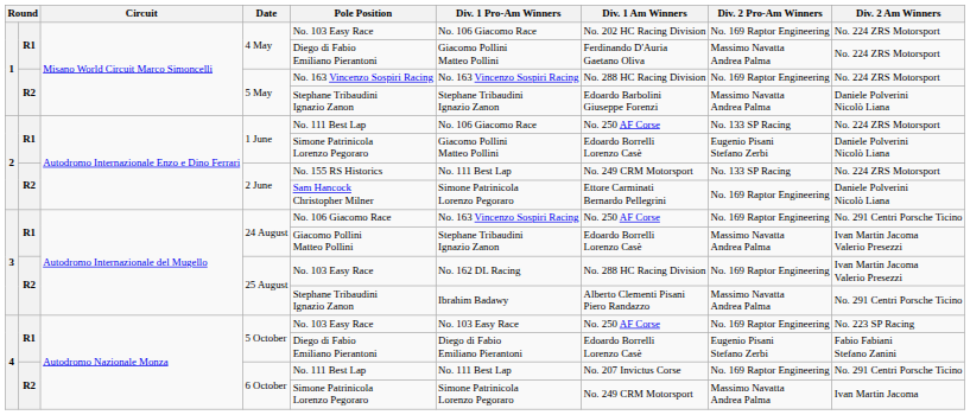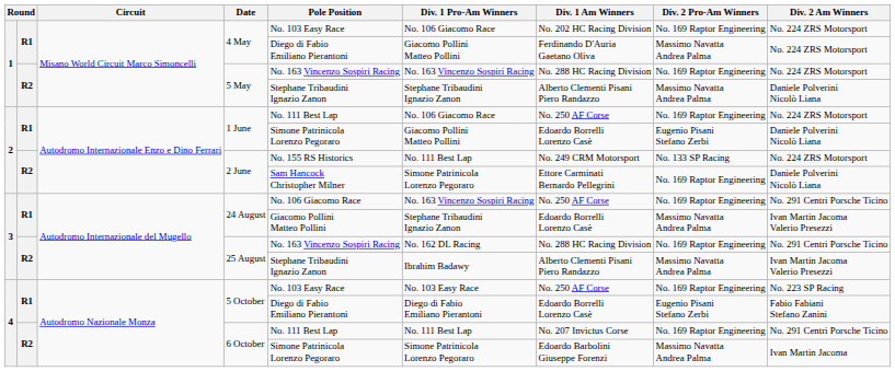 <table class="wikitable" style="font-size:80%;">
 <tr>
 <th colspan="2">Round</th>
 <th>Circuit</th>
 <th>Date</th>
 <th>Pole Position</th>
 <th>Div. 1 Pro-Am Winners</th>
 <th>Div. 1 Am Winners</th>
 <th>Div. 2 Pro-Am Winners</th>
 <th>Div. 2 Am Winners</th>
 </tr>
 <tr>
 <th rowspan="4">1</th>
 <th rowspan="2">R1</th>
 <td rowspan="4"> <a href='#'>Misano World Circuit Marco Simoncelli</a></td>
 <td rowspan="2">4 May</td>
 <td> No. 103 Easy Race</td>
 <td> No. 106 Giacomo Race</td>
 <td> No. 202 HC Racing Division</td>
 <td> No. 169 Raptor Engineering</td>
 <td> No. 224 ZRS Motorsport</td>
 </tr>
 <tr>
 <td> Diego di Fabio<br> Emiliano Pierantoni</td>
 <td> Giacomo Pollini<br> Matteo Pollini</td>
 <td> Ferdinando D'Auria<br> Gaetano Oliva</td>
 <td> Massimo Navatta<br> Andrea Palma</td>
 <td> No. 224 ZRS Motorsport</td>
 </tr>
 <tr>
 <th rowspan="2">R2</th>
 <td rowspan="2">5 May</td>
 <td> No. 163 <a href='#'>Vincenzo Sospiri Racing</a></td>
 <td> No. 163 <a href='#'>Vincenzo Sospiri Racing</a></td>
 <td> No. 288 HC Racing Division</td>
 <td> No. 169 Raptor Engineering</td>
 <td> No. 224 ZRS Motorsport</td>
 </tr>
 <tr>
 <td> Stephane Tribaudini<br> Ignazio Zanon</td>
 <td> Stephane Tribaudini<br> Ignazio Zanon</td>
-<td> Edoardo Barbolini<br> Giuseppe Forenzi</td>
+<td> Alberto Clementi Pisani<br> Piero Randazzo</td>
 <td> Massimo Navatta<br> Andrea Palma</td>
 <td> Daniele Polverini<br> Nicolò Liana</td>
 </tr>
 <tr>
 <th rowspan="4">2</th>
 <th rowspan="2">R1</th>
 <td rowspan="4"> <a href='#'>Autodromo Internazionale Enzo e Dino Ferrari</a></td>
 <td rowspan="2">1 June</td>
 <td> No. 111 Best Lap</td>
 <td> No. 106 Giacomo Race</td>
 <td> No. 250 <a href='#'>AF Corse</a></td>
-<td> No. 133 SP Racing</td>
+<td> No. 169 Raptor Engineering</td>
 <td> No. 224 ZRS Motorsport</td>
 </tr>
 <tr>
 <td> Simone Patrinicola<br> Lorenzo Pegoraro</td>
 <td> Giacomo Pollini<br> Matteo Pollini</td>
 <td> Edoardo Borrelli<br> Lorenzo Casè</td>
 <td> Eugenio Pisani<br> Stefano Zerbi</td>
 <td> Daniele Polverini<br> Nicolò Liana</td>
 </tr>
 <tr>
 <th rowspan="2">R2</th>
 <td rowspan="2">2 June</td>
 <td> No. 155 RS Historics</td>
 <td> No. 111 Best Lap</td>
 <td> No. 249 CRM Motorsport</td>
 <td> No. 133 SP Racing</td>
 <td> No. 224 ZRS Motorsport</td>
 </tr>
 <tr>
 <td> <a href='#'>Sam Hancock</a><br> Christopher Milner</td>
 <td> Simone Patrinicola<br> Lorenzo Pegoraro</td>
 <td> Ettore Carminati<br> Bernardo Pellegrini</td>
 <td> No. 169 Raptor Engineering</td>
 <td> Daniele Polverini<br> Nicolò Liana</td>
 </tr>
 <tr>
 <th rowspan="4">3</th>
 <th rowspan="2">R1</th>
 <td rowspan="4"> <a href='#'>Autodromo Internazionale del Mugello</a></td>
 <td rowspan="2">24 August</td>
 <td> No. 106 Giacomo Race</td>
 <td> No. 163 <a href='#'>Vincenzo Sospiri Racing</a></td>
 <td> No. 250 <a href='#'>AF Corse</a></td>
 <td> No. 169 Raptor Engineering</td>
 <td> No. 291 Centri Porsche Ticino</td>
 </tr>
 <tr>
 <td> Giacomo Pollini<br> Matteo Pollini</td>
 <td> Stephane Tribaudini<br> Ignazio Zanon</td>
 <td> Edoardo Borrelli<br> Lorenzo Casè</td>
 <td> Massimo Navatta<br> Andrea Palma</td>
 <td> Ivan Martin Jacoma<br> Valerio Presezzi</td>
 </tr>
 <tr>
 <th rowspan="2">R2</th>
 <td rowspan="2">25 August</td>
-<td> No. 103 Easy Race</td>
+<td> No. 163 <a href='#'>Vincenzo Sospiri Racing</a></td>
 <td> No. 162 DL Racing</td>
 <td> No. 288 HC Racing Division</td>
 <td> No. 169 Raptor Engineering</td>
-<td> Ivan Martin Jacoma<br> Valerio Presezzi</td>
+<td> No. 291 Centri Porsche Ticino</td>
 </tr>
 <tr>
 <td> Stephane Tribaudini<br> Ignazio Zanon</td>
 <td> Ibrahim Badawy</td>
 <td> Alberto Clementi Pisani<br> Piero Randazzo</td>
 <td> Massimo Navatta<br> Andrea Palma</td>
-<td> No. 291 Centri Porsche Ticino</td>
+<td> Ivan Martin Jacoma<br> Valerio Presezzi</td>
 </tr>
 <tr>
 <th rowspan="4">4</th>
 <th rowspan="2">R1</th>
 <td rowspan="4"> <a href='#'>Autodromo Nazionale Monza</a></td>
 <td rowspan="2">5 October</td>
 <td> No. 103 Easy Race</td>
 <td> No. 103 Easy Race</td>
 <td> No. 250 <a href='#'>AF Corse</a></td>
 <td> No. 169 Raptor Engineering</td>
 <td> No. 223 SP Racing</td>
 </tr>
 <tr>
 <td> Diego di Fabio<br> Emiliano Pierantoni</td>
 <td> Diego di Fabio<br> Emiliano Pierantoni</td>
 <td> Edoardo Borrelli<br> Lorenzo Casè</td>
 <td> Eugenio Pisani<br> Stefano Zerbi</td>
 <td> Fabio Fabiani<br> Stefano Zanini</td>
 </tr>
 <tr>
 <th rowspan="2">R2</th>
 <td rowspan="2">6 October</td>
 <td> No. 111 Best Lap</td>
 <td> No. 111 Best Lap</td>
 <td> No. 207 Invictus Corse</td>
 <td> No. 169 Raptor Engineering</td>
 <td> No. 291 Centri Porsche Ticino</td>
 </tr>
 <tr>
 <td> Simone Patrinicola<br> Lorenzo Pegoraro</td>
 <td> Simone Patrinicola<br> Lorenzo Pegoraro</td>
-<td> No. 249 CRM Motorsport</td>
+<td> Edoardo Barbolini<br> Giuseppe Forenzi</td>
 <td> Massimo Navatta<br> Andrea Palma</td>
 <td> Ivan Martin Jacoma</td>
 </tr>
 </table>
